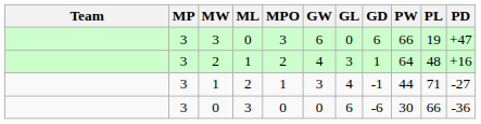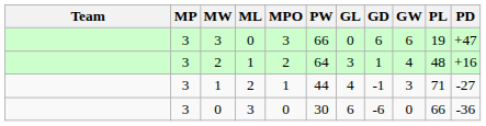 <table class=wikitable style="text-align:center">
 <tr>
 <th width=175>Team</th>
 <th width=20>MP</th>
 <th width=20>MW</th>
 <th width=20>ML</th>
 <th width=20>MPO</th>
-<th width=20>GW</th>
+<th width=20>PW</th>
 <th width=20>GL</th>
 <th width=20>GD</th>
-<th width=20>PW</th>
+<th width=20>GW</th>
 <th width=20>PL</th>
 <th width=20>PD</th>
 </tr>
 <tr style="background:#cfc;">
 <td align=left><strong><br></strong></td>
 <td>3</td>
 <td>3</td>
 <td>0</td>
 <td>3</td>
-<td>6</td>
+<td>66</td>
 <td>0</td>
 <td>6</td>
-<td>66</td>
+<td>6</td>
 <td>19</td>
 <td>+47</td>
 </tr>
 <tr style="background:#cfc;">
 <td align=left><strong><br></strong></td>
 <td>3</td>
 <td>2</td>
 <td>1</td>
 <td>2</td>
-<td>4</td>
+<td>64</td>
 <td>3</td>
 <td>1</td>
-<td>64</td>
+<td>4</td>
 <td>48</td>
 <td>+16</td>
 </tr>
 <tr>
 <td align=left><br></td>
 <td>3</td>
 <td>1</td>
 <td>2</td>
 <td>1</td>
-<td>3</td>
+<td>44</td>
 <td>4</td>
 <td>-1</td>
-<td>44</td>
+<td>3</td>
 <td>71</td>
 <td>-27</td>
 </tr>
 <tr>
 <td align=left><br></td>
 <td>3</td>
 <td>0</td>
 <td>3</td>
 <td>0</td>
-<td>0</td>
+<td>30</td>
 <td>6</td>
 <td>-6</td>
-<td>30</td>
+<td>0</td>
 <td>66</td>
 <td>-36</td>
 </tr>
 </table>
